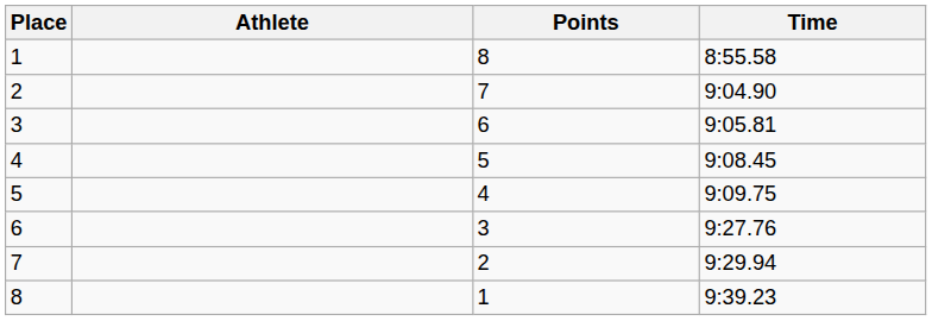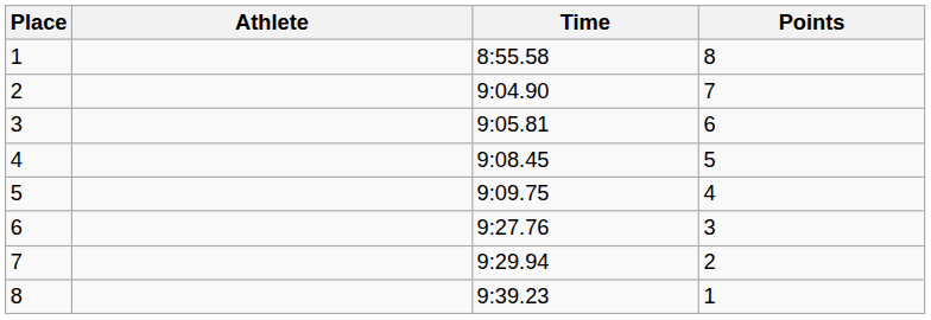 <table class=wikitable>
 <tr>
 <th>Place</th>
 <th style="width:18em">Athlete</th>
+<th style="width:10em">Time</th>
 <th style="width:10em">Points</th>
-<th style="width:10em">Time</th>
 </tr>
 <tr>
 <td>1</td>
 <td></td>
+<td>8:55.58  </td>
 <td>8</td>
-<td>8:55.58  </td>
 </tr>
 <tr>
 <td>2</td>
 <td></td>
+<td>9:04.90</td>
 <td>7</td>
-<td>9:04.90</td>
 </tr>
 <tr>
 <td>3</td>
 <td></td>
+<td>9:05.81</td>
 <td>6</td>
-<td>9:05.81</td>
 </tr>
 <tr>
 <td>4</td>
 <td></td>
+<td>9:08.45 </td>
 <td>5</td>
-<td>9:08.45 </td>
 </tr>
 <tr>
 <td>5</td>
 <td></td>
+<td>9:09.75</td>
 <td>4</td>
-<td>9:09.75</td>
 </tr>
 <tr>
 <td>6</td>
 <td></td>
+<td>9:27.76</td>
 <td>3</td>
-<td>9:27.76</td>
 </tr>
 <tr>
 <td>7</td>
 <td></td>
+<td>9:29.94</td>
 <td>2</td>
-<td>9:29.94</td>
 </tr>
 <tr>
 <td>8</td>
 <td></td>
+<td>9:39.23</td>
 <td>1</td>
-<td>9:39.23</td>
 </tr>
 </table>
